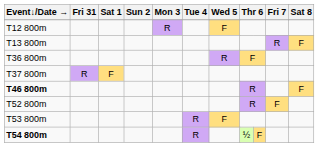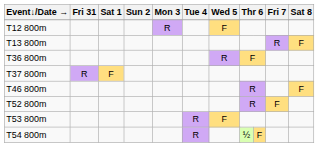 <table class="wikitable" style="margin:0.5em auto; font-size:90%; line-height:1.25em;">
 <tr align="center">
 <th>Event↓/Date →</th>
 <th colspan=2>Fri 31</th>
 <th colspan=2>Sat 1</th>
 <th colspan=2>Sun 2</th>
 <th colspan=2>Mon 3</th>
 <th colspan=2>Tue 4</th>
 <th colspan=2>Wed 5</th>
 <th colspan=2>Thr 6</th>
 <th colspan=2>Fri 7</th>
 <th colspan=2>Sat 8</th>
 </tr>
 <tr>
 </tr>
 <tr align="center">
 <td align="left">T12 800m</td>
 <td colspan=2></td>
 <td colspan=2></td>
 <td colspan=2></td>
 <td colspan=2 bgcolor="#D0A9F5">R</td>
 <td colspan=2></td>
 <td colspan=2 bgcolor="#FFDF80">F</td>
 <td colspan=2></td>
 <td colspan=2></td>
 <td colspan=2></td>
 </tr>
 <tr align="center">
 <td align="left">T13 800m</td>
 <td colspan=2></td>
 <td colspan=2></td>
 <td colspan=2></td>
 <td colspan=2></td>
 <td colspan=2></td>
 <td colspan=2></td>
 <td colspan=2></td>
 <td colspan=2 bgcolor="#D0A9F5">R</td>
 <td colspan=2 bgcolor="#FFDF80">F</td>
 </tr>
 <tr align="center">
 <td align="left">T36 800m</td>
 <td colspan=2></td>
 <td colspan=2></td>
 <td colspan=2></td>
 <td colspan=2></td>
 <td colspan=2></td>
 <td colspan=2 bgcolor="#D0A9F5">R</td>
 <td colspan=2 bgcolor="#FFDF80">F</td>
 <td colspan=2></td>
 <td colspan=2></td>
 </tr>
 <tr align="center">
 <td align="left">T37 800m</td>
 <td colspan=2 bgcolor="#D0A9F5">R</td>
 <td colspan=2 bgcolor="#FFDF80">F</td>
 <td colspan=2></td>
 <td colspan=2></td>
 <td colspan=2></td>
 <td colspan=2></td>
 <td colspan=2></td>
 <td colspan=2></td>
 <td colspan=2></td>
 </tr>
 <tr align="center">
-<td align="left"><strong>T46 800m</strong></td>
+<td align="left">T46 800m</td>
 <td colspan=2></td>
 <td colspan=2></td>
 <td colspan=2></td>
 <td colspan=2></td>
 <td colspan=2></td>
 <td colspan=2></td>
 <td colspan=2 bgcolor="#D0A9F5">R</td>
 <td colspan=2></td>
 <td colspan=2 bgcolor="#FFDF80">F</td>
 </tr>
 <tr align="center">
 <td align="left">T52 800m</td>
 <td colspan=2></td>
 <td colspan=2></td>
 <td colspan=2></td>
 <td colspan=2></td>
 <td colspan=2></td>
 <td colspan=2></td>
 <td colspan=2 bgcolor="#D0A9F5">R</td>
 <td colspan=2 bgcolor="#FFDF80">F</td>
 <td colspan=2></td>
 </tr>
 <tr align="center">
 <td align="left">T53 800m</td>
 <td colspan=2></td>
 <td colspan=2></td>
 <td colspan=2></td>
 <td colspan=2></td>
 <td colspan=2 bgcolor="#D0A9F5">R</td>
 <td colspan=2 bgcolor="#FFDF80">F</td>
 <td colspan=2></td>
 <td colspan=2></td>
 <td colspan=2></td>
 </tr>
 <tr align="center">
-<td align="left"><strong>T54 800m</strong></td>
+<td align="left">T54 800m</td>
 <td colspan=2></td>
 <td colspan=2></td>
 <td colspan=2></td>
 <td colspan=2></td>
 <td colspan=2 bgcolor="#D0A9F5">R</td>
 <td colspan=2></td>
 <td bgcolor="#D9FFB2">½</td>
 <td bgcolor="#FFDF80">F</td>
 <td colspan=2></td>
 <td colspan=2></td>
 </tr>
 </table>
